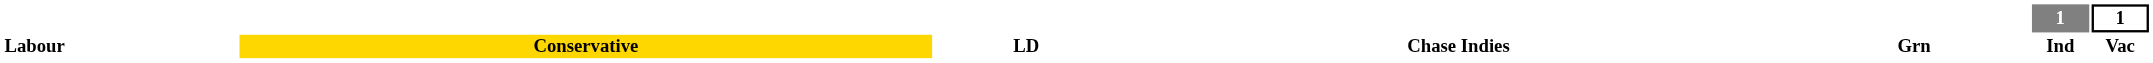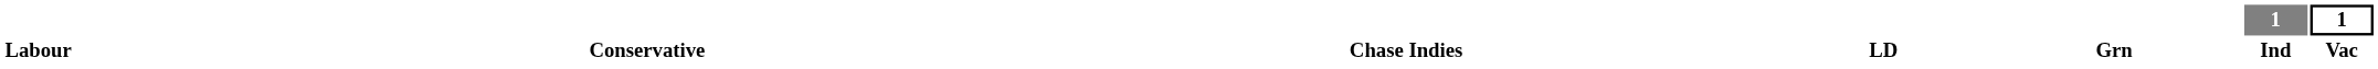 <table style="width:100%; text-align:center;">
 <tr style="color:white;">
 <td style="background-color:"><strong>17</strong></td>
 <td style="background-color:"><strong>14</strong></td>
+<td style="background-color:"><strong>5</strong></td>
 <td style="background-color:"><strong>2</strong></td>
-<td style="background-color:"><strong>5</strong></td>
 <td style="background-color:"><strong>1</strong></td>
 <td style="background-color:gray; width:2.5%;"><strong>1</strong></td>
 <td style="color:black; border:2px solid black; width:2.5%;"><strong>1</strong></td>
 </tr>
 <tr>
 <td><span><strong>Labour</strong></span></td>
-<td style="background: gold;"><span><strong>Conservative</strong></span></td>
+<td><span><strong>Conservative</strong></span></td>
+<td><span><strong>Chase Indies</strong></span></td>
 <td><span><strong>LD</strong></span></td>
-<td><span><strong>Chase Indies</strong></span></td>
 <td><span><strong>Grn</strong></span></td>
 <td><span><strong>Ind</strong></span></td>
 <td><span><strong>Vac</strong></span></td>
 </tr>
 </table>
